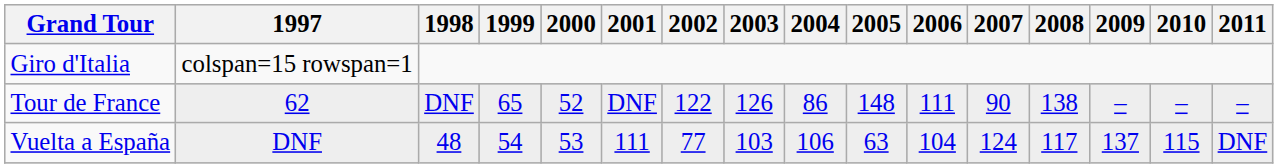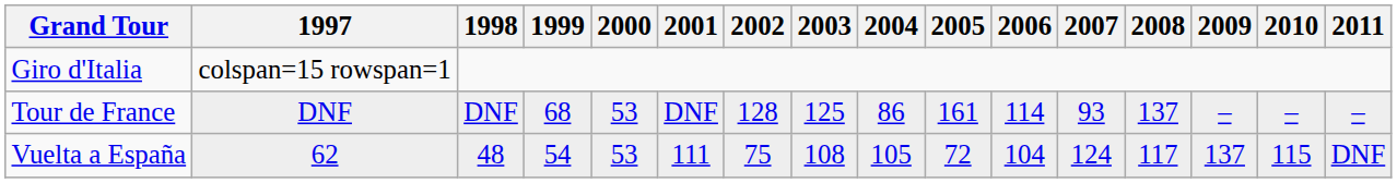 <table class="wikitable">
 <tr>
 <th scope="col"><a href='#'>Grand Tour</a></th>
 <th scope="col">1997</th>
 <th scope="col">1998</th>
 <th scope="col">1999</th>
 <th scope="col">2000</th>
 <th scope="col">2001</th>
 <th scope="col">2002</th>
 <th scope="col">2003</th>
 <th scope="col">2004</th>
 <th scope="col">2005</th>
 <th scope="col">2006</th>
 <th scope="col">2007</th>
 <th scope="col">2008</th>
 <th scope="col">2009</th>
 <th scope="col">2010</th>
 <th scope="col">2011</th>
 </tr>
 <tr style="text-align:center;">
 <td style="text-align:left;"> <a href='#'>Giro d'Italia</a></td>
 <td>colspan=15 rowspan=1 </td>
 </tr>
 <tr style="text-align:center;">
 <td style="text-align:left;"> <a href='#'>Tour de France</a></td>
-<td style="background:#eee;"><a href='#'>62</a></td>
 <td style="background:#eee;"><a href='#'>DNF</a></td>
-<td style="background:#eee;"><a href='#'>65</a></td>
-<td style="background:#eee;"><a href='#'>52</a></td>
 <td style="background:#eee;"><a href='#'>DNF</a></td>
-<td style="background:#eee;"><a href='#'>122</a></td>
-<td style="background:#eee;"><a href='#'>126</a></td>
+<td style="background:#eee;"><a href='#'>68</a></td>
+<td style="background:#eee;"><a href='#'>53</a></td>
+<td style="background:#eee;"><a href='#'>DNF</a></td>
+<td style="background:#eee;"><a href='#'>128</a></td>
+<td style="background:#eee;"><a href='#'>125</a></td>
 <td style="background:#eee;"><a href='#'>86</a></td>
-<td style="background:#eee;"><a href='#'>148</a></td>
-<td style="background:#eee;"><a href='#'>111</a></td>
-<td style="background:#eee;"><a href='#'>90</a></td>
-<td style="background:#eee;"><a href='#'>138</a></td>
+<td style="background:#eee;"><a href='#'>161</a></td>
+<td style="background:#eee;"><a href='#'>114</a></td>
+<td style="background:#eee;"><a href='#'>93</a></td>
+<td style="background:#eee;"><a href='#'>137</a></td>
 <td style="background:#eee;"><a href='#'>–</a></td>
 <td style="background:#eee;"><a href='#'>–</a></td>
 <td style="background:#eee;"><a href='#'>–</a></td>
 </tr>
 <tr style="text-align:center;">
 <td style="text-align:left;"> <a href='#'>Vuelta a España</a></td>
-<td style="background:#eee;"><a href='#'>DNF</a></td>
+<td style="background:#eee;"><a href='#'>62</a></td>
 <td style="background:#eee;"><a href='#'>48</a></td>
 <td style="background:#eee;"><a href='#'>54</a></td>
 <td style="background:#eee;"><a href='#'>53</a></td>
 <td style="background:#eee;"><a href='#'>111</a></td>
-<td style="background:#eee;"><a href='#'>77</a></td>
-<td style="background:#eee;"><a href='#'>103</a></td>
-<td style="background:#eee;"><a href='#'>106</a></td>
-<td style="background:#eee;"><a href='#'>63</a></td>
+<td style="background:#eee;"><a href='#'>75</a></td>
+<td style="background:#eee;"><a href='#'>108</a></td>
+<td style="background:#eee;"><a href='#'>105</a></td>
+<td style="background:#eee;"><a href='#'>72</a></td>
 <td style="background:#eee;"><a href='#'>104</a></td>
 <td style="background:#eee;"><a href='#'>124</a></td>
 <td style="background:#eee;"><a href='#'>117</a></td>
 <td style="background:#eee;"><a href='#'>137</a></td>
 <td style="background:#eee;"><a href='#'>115</a></td>
 <td style="background:#eee;"><a href='#'>DNF</a></td>
 </tr>
 </table>
